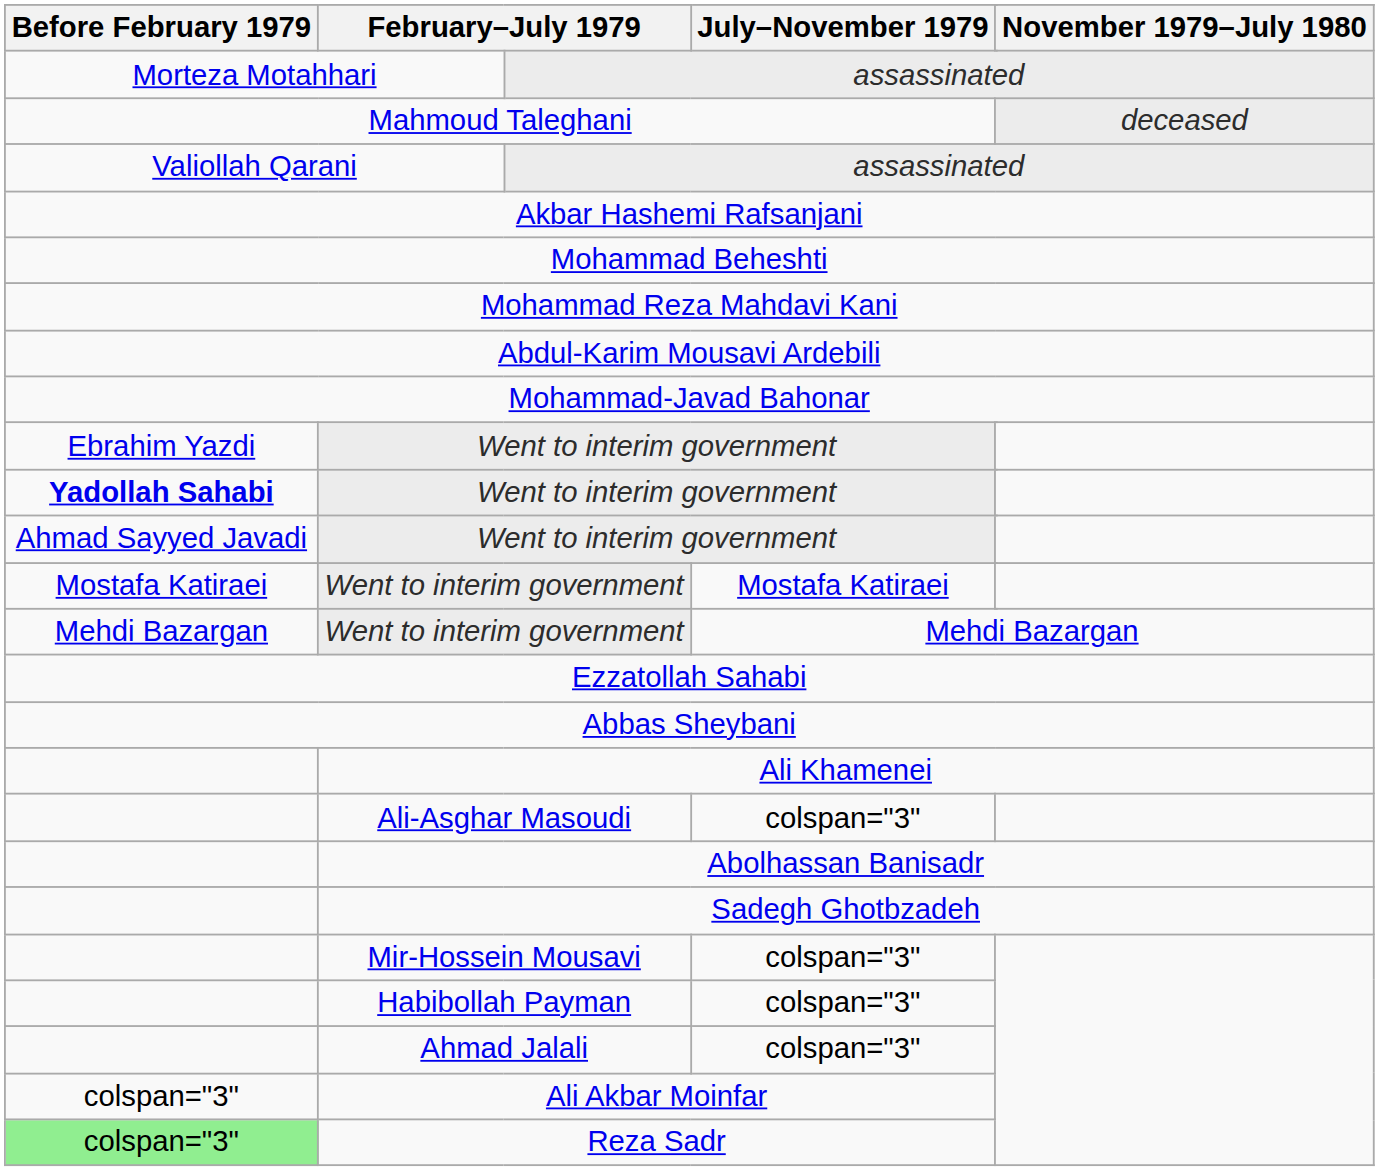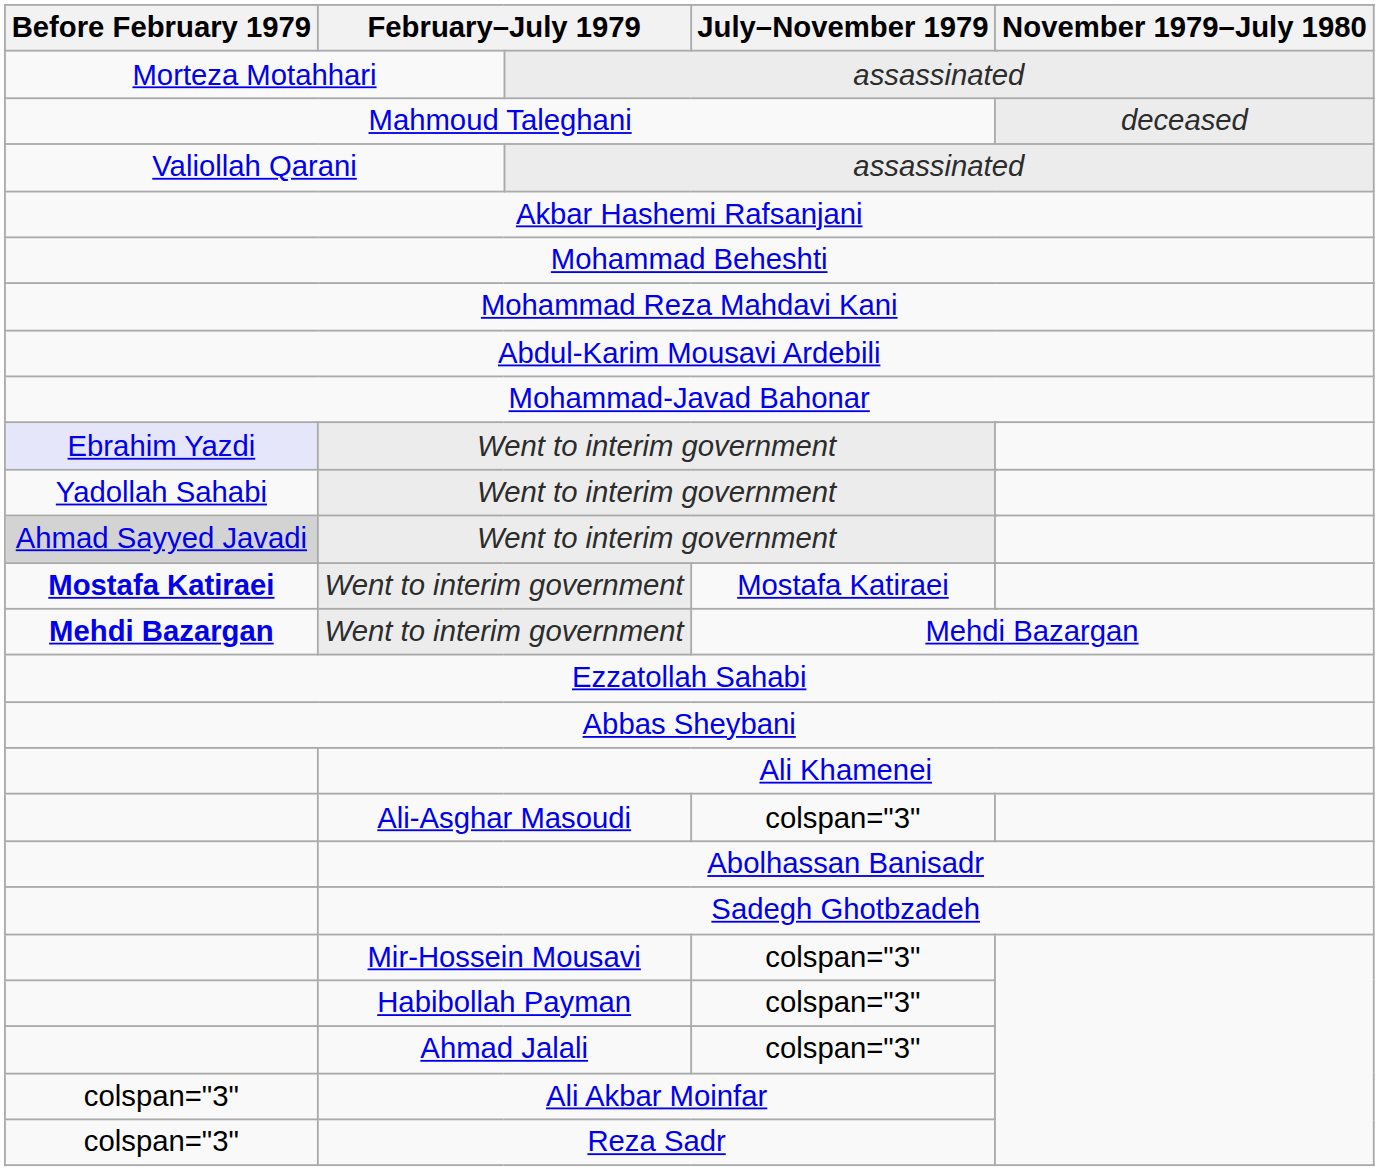 <table class="wikitable" style="text-align:center">
 <tr>
 <th>Before February 1979</th>
 <th colspan="2">February–July 1979</th>
 <th colspan="2">July–November 1979</th>
 <th>November 1979–July 1980</th>
 </tr>
 <tr>
 <td colspan="2"><a href='#'>Morteza Motahhari</a></td>
 <td colspan="4" style="background: #ececec; color: #2C2C2C"><em>assassinated</em></td>
 </tr>
 <tr>
 <td colspan="4"><a href='#'>Mahmoud Taleghani</a></td>
 <td colspan="2" style="background: #ececec; color: #2C2C2C"><em>deceased</em></td>
 </tr>
 <tr>
 <td colspan="2"><a href='#'>Valiollah Qarani</a></td>
 <td colspan="4" style="background: #ececec; color: #2C2C2C"><em>assassinated</em></td>
 </tr>
 <tr>
 <td colspan="6"><a href='#'>Akbar Hashemi Rafsanjani</a></td>
 </tr>
 <tr>
 <td colspan="6"><a href='#'>Mohammad Beheshti</a></td>
 </tr>
 <tr>
 <td colspan="6"><a href='#'>Mohammad Reza Mahdavi Kani</a></td>
 </tr>
 <tr>
 <td colspan="6"><a href='#'>Abdul-Karim Mousavi Ardebili</a></td>
 </tr>
 <tr>
 <td colspan="6"><a href='#'>Mohammad-Javad Bahonar</a></td>
 </tr>
 <tr>
-<td><a href='#'>Ebrahim Yazdi</a></td>
+<td style="background: lavender;"><a href='#'>Ebrahim Yazdi</a></td>
 <td colspan="4" style="background: #ececec; color: #2C2C2C"><em>Went to interim government</em></td>
 <td></td>
 </tr>
 <tr>
-<td><strong><a href='#'>Yadollah Sahabi</a></strong></td>
+<td><a href='#'>Yadollah Sahabi</a></td>
 <td colspan="4" style="background: #ececec; color: #2C2C2C"><em>Went to interim government</em></td>
 <td></td>
 </tr>
 <tr>
-<td><a href='#'>Ahmad Sayyed Javadi</a></td>
+<td style="background: lightgrey;"><a href='#'>Ahmad Sayyed Javadi</a></td>
 <td colspan="4" style="background: #ececec; color: #2C2C2C"><em>Went to interim government</em></td>
 <td></td>
 </tr>
 <tr>
-<td><a href='#'>Mostafa Katiraei</a></td>
+<td><strong><a href='#'>Mostafa Katiraei</a></strong></td>
 <td colspan="2" style="background: #ececec; color: #2C2C2C"><em>Went to interim government</em></td>
 <td colspan="2"><a href='#'>Mostafa Katiraei</a></td>
 <td></td>
 </tr>
 <tr>
-<td><a href='#'>Mehdi Bazargan</a></td>
+<td><strong><a href='#'>Mehdi Bazargan</a></strong></td>
 <td colspan="2" style="background: #ececec; color: #2C2C2C"><em>Went to interim government</em></td>
 <td colspan="3"><a href='#'>Mehdi Bazargan</a></td>
 </tr>
 <tr>
 <td colspan="6"><a href='#'>Ezzatollah Sahabi</a></td>
 </tr>
 <tr>
 <td colspan="6"><a href='#'>Abbas Sheybani</a></td>
 </tr>
 <tr>
 <td></td>
 <td colspan="5"><a href='#'>Ali Khamenei</a></td>
 </tr>
 <tr>
 <td></td>
 <td colspan="2"><a href='#'>Ali-Asghar Masoudi</a></td>
 <td>colspan="3" </td>
 </tr>
 <tr>
 <td></td>
 <td colspan="5"><a href='#'>Abolhassan Banisadr</a></td>
 </tr>
 <tr>
 <td></td>
 <td colspan="5"><a href='#'>Sadegh Ghotbzadeh</a></td>
 </tr>
 <tr>
 <td></td>
 <td colspan="2"><a href='#'>Mir-Hossein Mousavi</a></td>
 <td>colspan="3" </td>
 </tr>
 <tr>
 <td></td>
 <td colspan="2"><a href='#'>Habibollah Payman</a></td>
 <td>colspan="3" </td>
 </tr>
 <tr>
 <td></td>
 <td colspan="2"><a href='#'>Ahmad Jalali</a></td>
 <td>colspan="3" </td>
 </tr>
 <tr>
 <td>colspan="3" </td>
 <td colspan="3"><a href='#'>Ali Akbar Moinfar</a></td>
 </tr>
 <tr>
-<td style="background: lightgreen;">colspan="3" </td>
+<td>colspan="3" </td>
 <td colspan="3"><a href='#'>Reza Sadr</a></td>
 </tr>
 </table>
